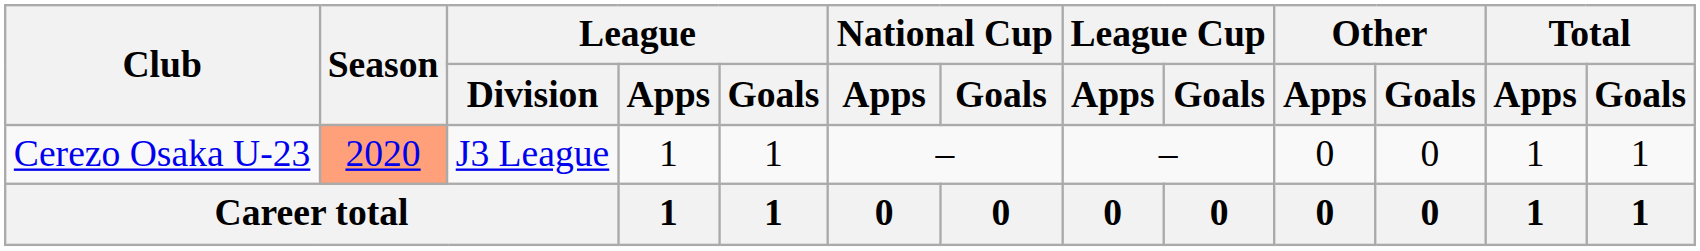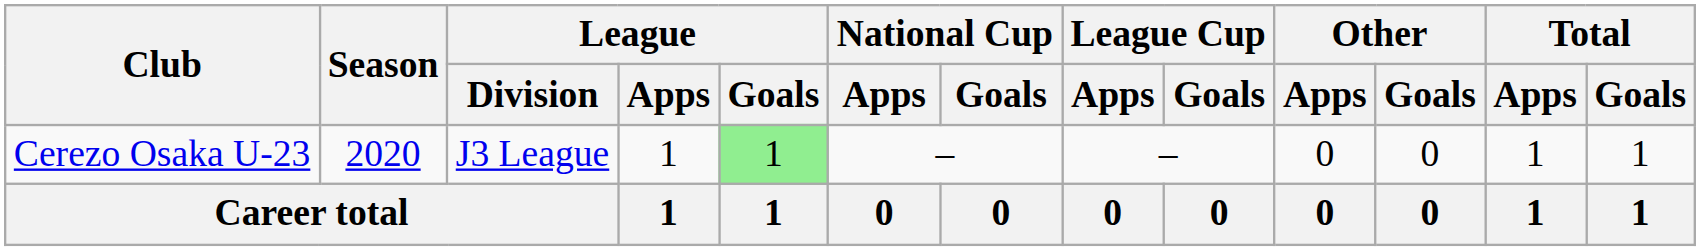 <table class="wikitable" style="text-align: center">
 <tr>
 <th rowspan="2">Club</th>
 <th rowspan="2">Season</th>
 <th colspan="3">League</th>
 <th colspan="2">National Cup</th>
 <th colspan="2">League Cup</th>
 <th colspan="2">Other</th>
 <th colspan="2">Total</th>
 </tr>
 <tr>
 <th>Division</th>
 <th>Apps</th>
 <th>Goals</th>
 <th>Apps</th>
 <th>Goals</th>
 <th>Apps</th>
 <th>Goals</th>
 <th>Apps</th>
 <th>Goals</th>
 <th>Apps</th>
 <th>Goals</th>
 </tr>
 <tr>
 <td><a href='#'>Cerezo Osaka U-23</a></td>
-<td style="background: lightsalmon;"><a href='#'>2020</a></td>
+<td><a href='#'>2020</a></td>
 <td><a href='#'>J3 League</a></td>
 <td>1</td>
-<td>1</td>
+<td style="background: lightgreen;">1</td>
 <td colspan="2">–</td>
 <td colspan="2">–</td>
 <td>0</td>
 <td>0</td>
 <td>1</td>
 <td>1</td>
 </tr>
 <tr>
 <th colspan=3>Career total</th>
 <th>1</th>
 <th>1</th>
 <th>0</th>
 <th>0</th>
 <th>0</th>
 <th>0</th>
 <th>0</th>
 <th>0</th>
 <th>1</th>
 <th>1</th>
 </tr>
 </table>
